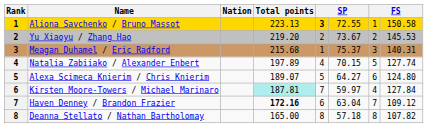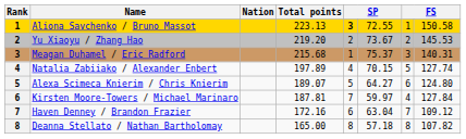 <table class="wikitable sortable">
 <tr>
 <th>Rank</th>
 <th>Name</th>
 <th>Nation</th>
 <th>Total points</th>
 <th colspan="2" width="80px"><a href='#'>SP</a></th>
 <th colspan="2" width="80px"><a href='#'>FS</a></th>
 </tr>
 <tr bgcolor="gold">
 <td align="center"><strong>1</strong></td>
 <td><a href='#'>Aliona Savchenko</a> / <a href='#'>Bruno Massot</a></td>
 <td></td>
 <td align="center">223.13</td>
 <td align="center"><strong>3</strong></td>
 <td align="center">72.55</td>
 <td align="center">1</td>
 <td align="center">150.58</td>
 </tr>
 <tr bgcolor="silver">
 <td align="center"><strong>2</strong></td>
 <td><a href='#'>Yu Xiaoyu</a> / <a href='#'>Zhang Hao</a></td>
 <td></td>
 <td align="center">219.20</td>
 <td align="center">2</td>
 <td align="center">73.67</td>
 <td align="center">2</td>
 <td align="center">145.53</td>
 </tr>
 <tr bgcolor="cc9966">
 <td align="center"><strong>3</strong></td>
 <td><a href='#'>Meagan Duhamel</a> / <a href='#'>Eric Radford</a></td>
 <td></td>
 <td align="center">215.68</td>
 <td align="center">1</td>
 <td align="center">75.37</td>
 <td align="center">3</td>
 <td align="center">140.31</td>
 </tr>
 <tr>
 <th>4</th>
 <td><a href='#'>Natalia Zabiiako</a> / <a href='#'>Alexander Enbert</a></td>
 <td></td>
 <td align="center">197.89</td>
 <td align="center">4</td>
 <td align="center">70.15</td>
 <td align="center">5</td>
 <td align="center">127.74</td>
 </tr>
 <tr>
 <th>5</th>
 <td><a href='#'>Alexa Scimeca Knierim</a> / <a href='#'>Chris Knierim</a></td>
 <td></td>
 <td align="center">189.07</td>
 <td align="center">5</td>
 <td align="center">64.27</td>
 <td align="center">6</td>
 <td align="center">124.80</td>
 </tr>
 <tr>
 <th>6</th>
 <td><a href='#'>Kirsten Moore-Towers</a> / <a href='#'>Michael Marinaro</a></td>
 <td></td>
-<td align="center" style="background: paleturquoise;">187.81</td>
+<td align="center">187.81</td>
 <td align="center">7</td>
 <td align="center">59.97</td>
 <td align="center">4</td>
 <td align="center">127.84</td>
 </tr>
 <tr>
 <th>7</th>
 <td><a href='#'>Haven Denney</a> / <a href='#'>Brandon Frazier</a></td>
 <td></td>
-<td align="center"><strong>172.16</strong></td>
+<td align="center">172.16</td>
 <td align="center">6</td>
 <td align="center">63.04</td>
 <td align="center">7</td>
 <td align="center">109.12</td>
 </tr>
 <tr>
 <th>8</th>
 <td><a href='#'>Deanna Stellato</a> / <a href='#'>Nathan Bartholomay</a></td>
 <td></td>
 <td align="center">165.00</td>
 <td align="center">8</td>
 <td align="center">57.18</td>
 <td align="center">8</td>
 <td align="center">107.82</td>
 </tr>
 </table>
